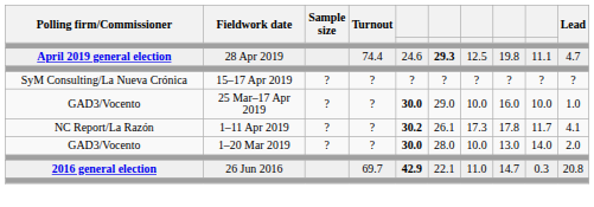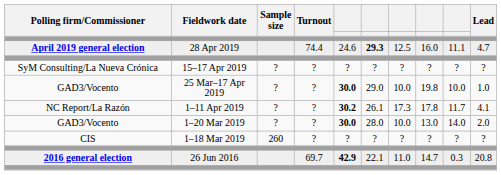 <table class="wikitable collapsible collapsed" style="text-align:center; font-size:95%; line-height:16px;">
 <tr style="height:42px;">
 <th style="width:250px;" rowspan="2">Polling firm/Commissioner</th>
 <th style="width:125px;" rowspan="2">Fieldwork date</th>
 <th style="width:50px;" rowspan="2">Sample size</th>
 <th style="width:45px;" rowspan="2">Turnout</th>
 <th style="width:35px;"></th>
 <th style="width:35px;"></th>
 <th style="width:35px;"></th>
 <th style="width:35px;"></th>
 <th style="width:35px;"></th>
 <th style="width:30px;" rowspan="2">Lead</th>
 </tr>
 <tr>
 <th style="color:inherit;background:"></th>
 <th style="color:inherit;background:"></th>
 <th style="color:inherit;background:"></th>
 <th style="color:inherit;background:"></th>
 <th style="color:inherit;background:"></th>
 </tr>
 <tr>
 <td colspan="10" style="background:#A0A0A0"></td>
 </tr>
 <tr style="background:#EFEFEF;">
 <td><strong><a href='#'>April 2019 general election</a></strong></td>
 <td>28 Apr 2019</td>
 <td></td>
 <td>74.4</td>
 <td>24.6<br></td>
 <td><strong>29.3</strong><br></td>
 <td>12.5<br></td>
-<td>19.8<br></td>
+<td>16.0<br></td>
 <td>11.1<br></td>
 <td style="background:">4.7</td>
 </tr>
 <tr>
 <td colspan="10" style="background:#A0A0A0"></td>
 </tr>
 <tr>
 <td>SyM Consulting/La Nueva Crónica</td>
 <td>15–17 Apr 2019</td>
 <td>?</td>
 <td>?</td>
 <td>?<br></td>
 <td>?<br></td>
 <td>?<br></td>
 <td>?<br></td>
 <td>?<br></td>
 <td style="background:">?</td>
 </tr>
 <tr>
 <td>GAD3/Vocento</td>
 <td>25 Mar–17 Apr 2019</td>
 <td>?</td>
 <td>?</td>
 <td><strong>30.0</strong><br></td>
 <td>29.0<br></td>
 <td>10.0<br></td>
-<td>16.0<br></td>
+<td>19.8<br></td>
 <td>10.0<br></td>
 <td style="background:">1.0</td>
 </tr>
 <tr>
 <td>NC Report/La Razón</td>
 <td>1–11 Apr 2019</td>
 <td>?</td>
 <td>?</td>
 <td><strong>30.2</strong><br></td>
 <td>26.1<br></td>
 <td>17.3<br></td>
 <td>17.8<br></td>
 <td>11.7<br></td>
 <td style="background:">4.1</td>
 </tr>
 <tr>
 <td>GAD3/Vocento</td>
 <td>1–20 Mar 2019</td>
 <td>?</td>
 <td>?</td>
 <td><strong>30.0</strong><br></td>
 <td>28.0<br></td>
 <td>10.0<br></td>
 <td>13.0<br></td>
 <td>14.0<br></td>
 <td style="background:">2.0</td>
 </tr>
 <tr>
+<td>CIS</td>
+<td>1–18 Mar 2019</td>
+<td>260</td>
+<td>?</td>
+<td>?<br></td>
+<td>?<br></td>
+<td>?<br></td>
+<td>?<br></td>
+<td>?<br></td>
+<td style="background:">?</td>
+</tr>
+<tr>
 <td colspan="10" style="background:#A0A0A0"></td>
 </tr>
 <tr style="background:#EFEFEF;">
 <td><strong><a href='#'>2016 general election</a></strong></td>
 <td>26 Jun 2016</td>
 <td></td>
 <td>69.7</td>
 <td><strong>42.9</strong><br></td>
 <td>22.1<br></td>
 <td>11.0<br></td>
 <td>14.7<br></td>
 <td>0.3<br></td>
 <td style="background:">20.8</td>
 </tr>
 <tr>
 <td colspan="10" style="background:#A0A0A0"></td>
 </tr>
 </table>
